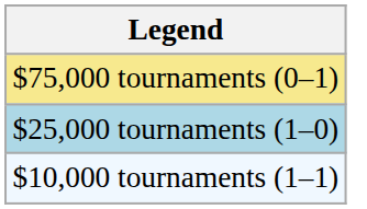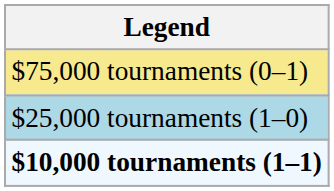 <table class="wikitable" style="font-size:85%;">
 <tr>
 <th>Legend</th>
 </tr>
 <tr bgcolor=f7e98e>
 <td>$75,000 tournaments (0–1)</td>
 </tr>
 <tr style="background:lightblue;">
 <td>$25,000 tournaments (1–0)</td>
 </tr>
 <tr bgcolor=f0f8ff>
-<td>$10,000 tournaments (1–1)</td>
+<td><strong>$10,000 tournaments (1–1)</strong></td>
 </tr>
 </table>
